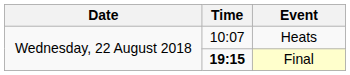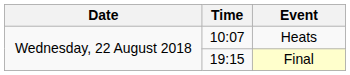 <table class = "wikitable" style="text-align:center;">
 <tr>
 <th width=220>Date</th>
 <th width=50>Time</th>
 <th width=100>Event</th>
 </tr>
 <tr>
 <td rowspan=2>Wednesday, 22 August 2018</td>
 <td>10:07</td>
 <td>Heats</td>
 </tr>
 <tr>
-<td><strong>19:15</strong></td>
+<td>19:15</td>
 <td bgcolor=ffffcc>Final</td>
 </tr>
 </table>
